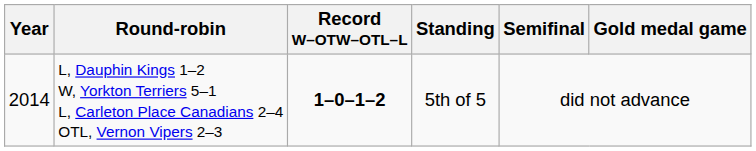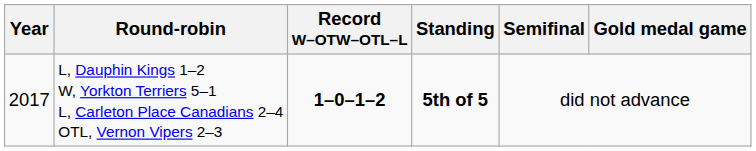 <table class="wikitable" style="text-align:center;">
 <tr>
 <th>Year</th>
 <th>Round-robin</th>
 <th>Record<br><small>W–OTW–OTL–L</small></th>
 <th>Standing</th>
 <th>Semifinal</th>
 <th>Gold medal game</th>
 </tr>
 <tr>
-<td>2014</td>
+<td>2017</td>
 <td align=left><small>L, <a href='#'>Dauphin Kings</a> 1–2<br>W, <a href='#'>Yorkton Terriers</a> 5–1<br>L, <a href='#'>Carleton Place Canadians</a> 2–4<br>OTL, <a href='#'>Vernon Vipers</a> 2–3</small></td>
 <td><strong>1–0–1–2</strong></td>
-<td>5th of 5</td>
+<td><strong>5th of 5</strong></td>
 <td colspan=2>did not advance</td>
 </tr>
 </table>
